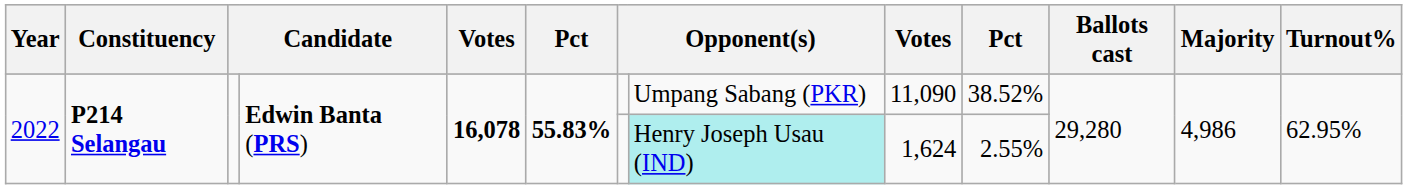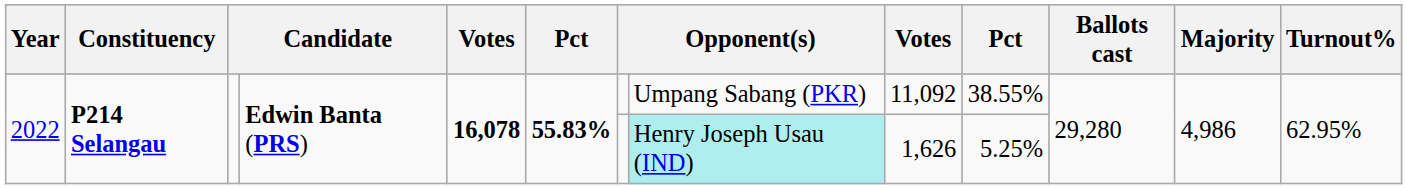 <table class="wikitable" style="margin:0.5em ; font-size:95%">
 <tr>
 <th>Year</th>
 <th>Constituency</th>
 <th colspan=2>Candidate</th>
 <th>Votes</th>
 <th>Pct</th>
 <th colspan=2>Opponent(s)</th>
 <th>Votes</th>
 <th>Pct</th>
 <th>Ballots cast</th>
 <th>Majority</th>
 <th>Turnout%</th>
 </tr>
 <tr>
 <td rowspan=2><a href='#'>2022</a></td>
 <td rowspan=2><strong>P214 <a href='#'>Selangau</a></strong></td>
 <td rowspan=2 ></td>
 <td rowspan=2><strong>Edwin Banta</strong> (<a href='#'><strong>PRS</strong></a>)</td>
 <td rowspan=2 align=right><strong>16,078</strong></td>
 <td rowspan=2><strong>55.83%</strong></td>
 <td></td>
 <td>Umpang Sabang (<a href='#'>PKR</a>)</td>
-<td align=right>11,090</td>
-<td>38.52%</td>
+<td align=right>11,092</td>
+<td>38.55%</td>
 <td rowspan=2>29,280</td>
 <td rowspan=2>4,986</td>
 <td rowspan=2>62.95%</td>
 </tr>
 <tr>
 <td></td>
 <td style="background: paleturquoise;">Henry Joseph Usau (<a href='#'>IND</a>)</td>
-<td align=right>1,624</td>
-<td align=right>2.55%</td>
+<td align=right>1,626</td>
+<td align=right>5.25%</td>
 </tr>
 </table>
